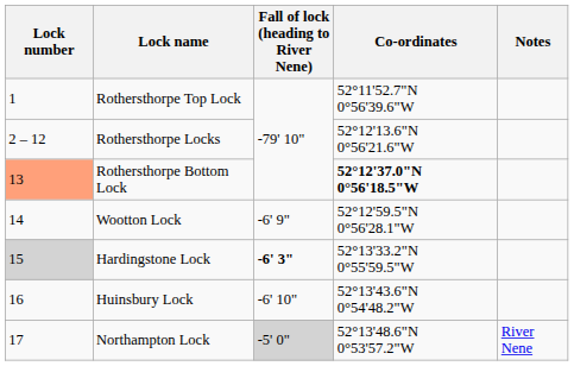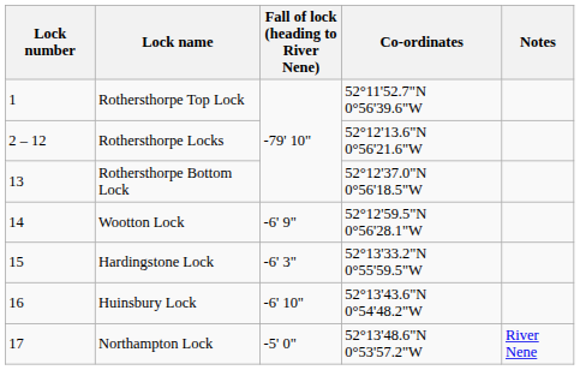 <table class="wikitable">
 <tr>
 <th>Lock number</th>
 <th>Lock name</th>
 <th>Fall of lock<br>(heading to<br>River Nene)</th>
 <th>Co-ordinates</th>
 <th>Notes</th>
 </tr>
 <tr>
 <td>1</td>
 <td>Rothersthorpe Top Lock</td>
 <td rowspan="3">-79' 10"</td>
 <td>52°11'52.7"N 0°56'39.6"W</td>
 <td></td>
 </tr>
 <tr>
 <td>2 – 12</td>
 <td>Rothersthorpe Locks</td>
 <td>52°12'13.6"N 0°56'21.6"W</td>
 <td></td>
 </tr>
 <tr>
-<td style="background: lightsalmon;">13</td>
+<td>13</td>
 <td>Rothersthorpe Bottom Lock</td>
-<td><strong>52°12'37.0"N 0°56'18.5"W</strong></td>
+<td>52°12'37.0"N 0°56'18.5"W</td>
 <td></td>
 </tr>
 <tr>
 <td>14</td>
 <td>Wootton Lock</td>
 <td>-6' 9"</td>
 <td>52°12'59.5"N 0°56'28.1"W</td>
 <td></td>
 </tr>
 <tr>
-<td style="background: lightgrey;">15</td>
+<td>15</td>
 <td>Hardingstone Lock</td>
-<td><strong>-6' 3"</strong></td>
+<td>-6' 3"</td>
 <td>52°13'33.2"N 0°55'59.5"W</td>
 <td></td>
 </tr>
 <tr>
 <td>16</td>
 <td>Huinsbury Lock</td>
 <td>-6' 10"</td>
 <td>52°13'43.6"N 0°54'48.2"W</td>
 <td></td>
 </tr>
 <tr>
 <td>17</td>
 <td>Northampton Lock</td>
-<td style="background: lightgrey;">-5' 0"</td>
+<td>-5' 0"</td>
 <td>52°13'48.6"N 0°53'57.2"W</td>
 <td><a href='#'>River Nene</a></td>
 </tr>
 </table>
